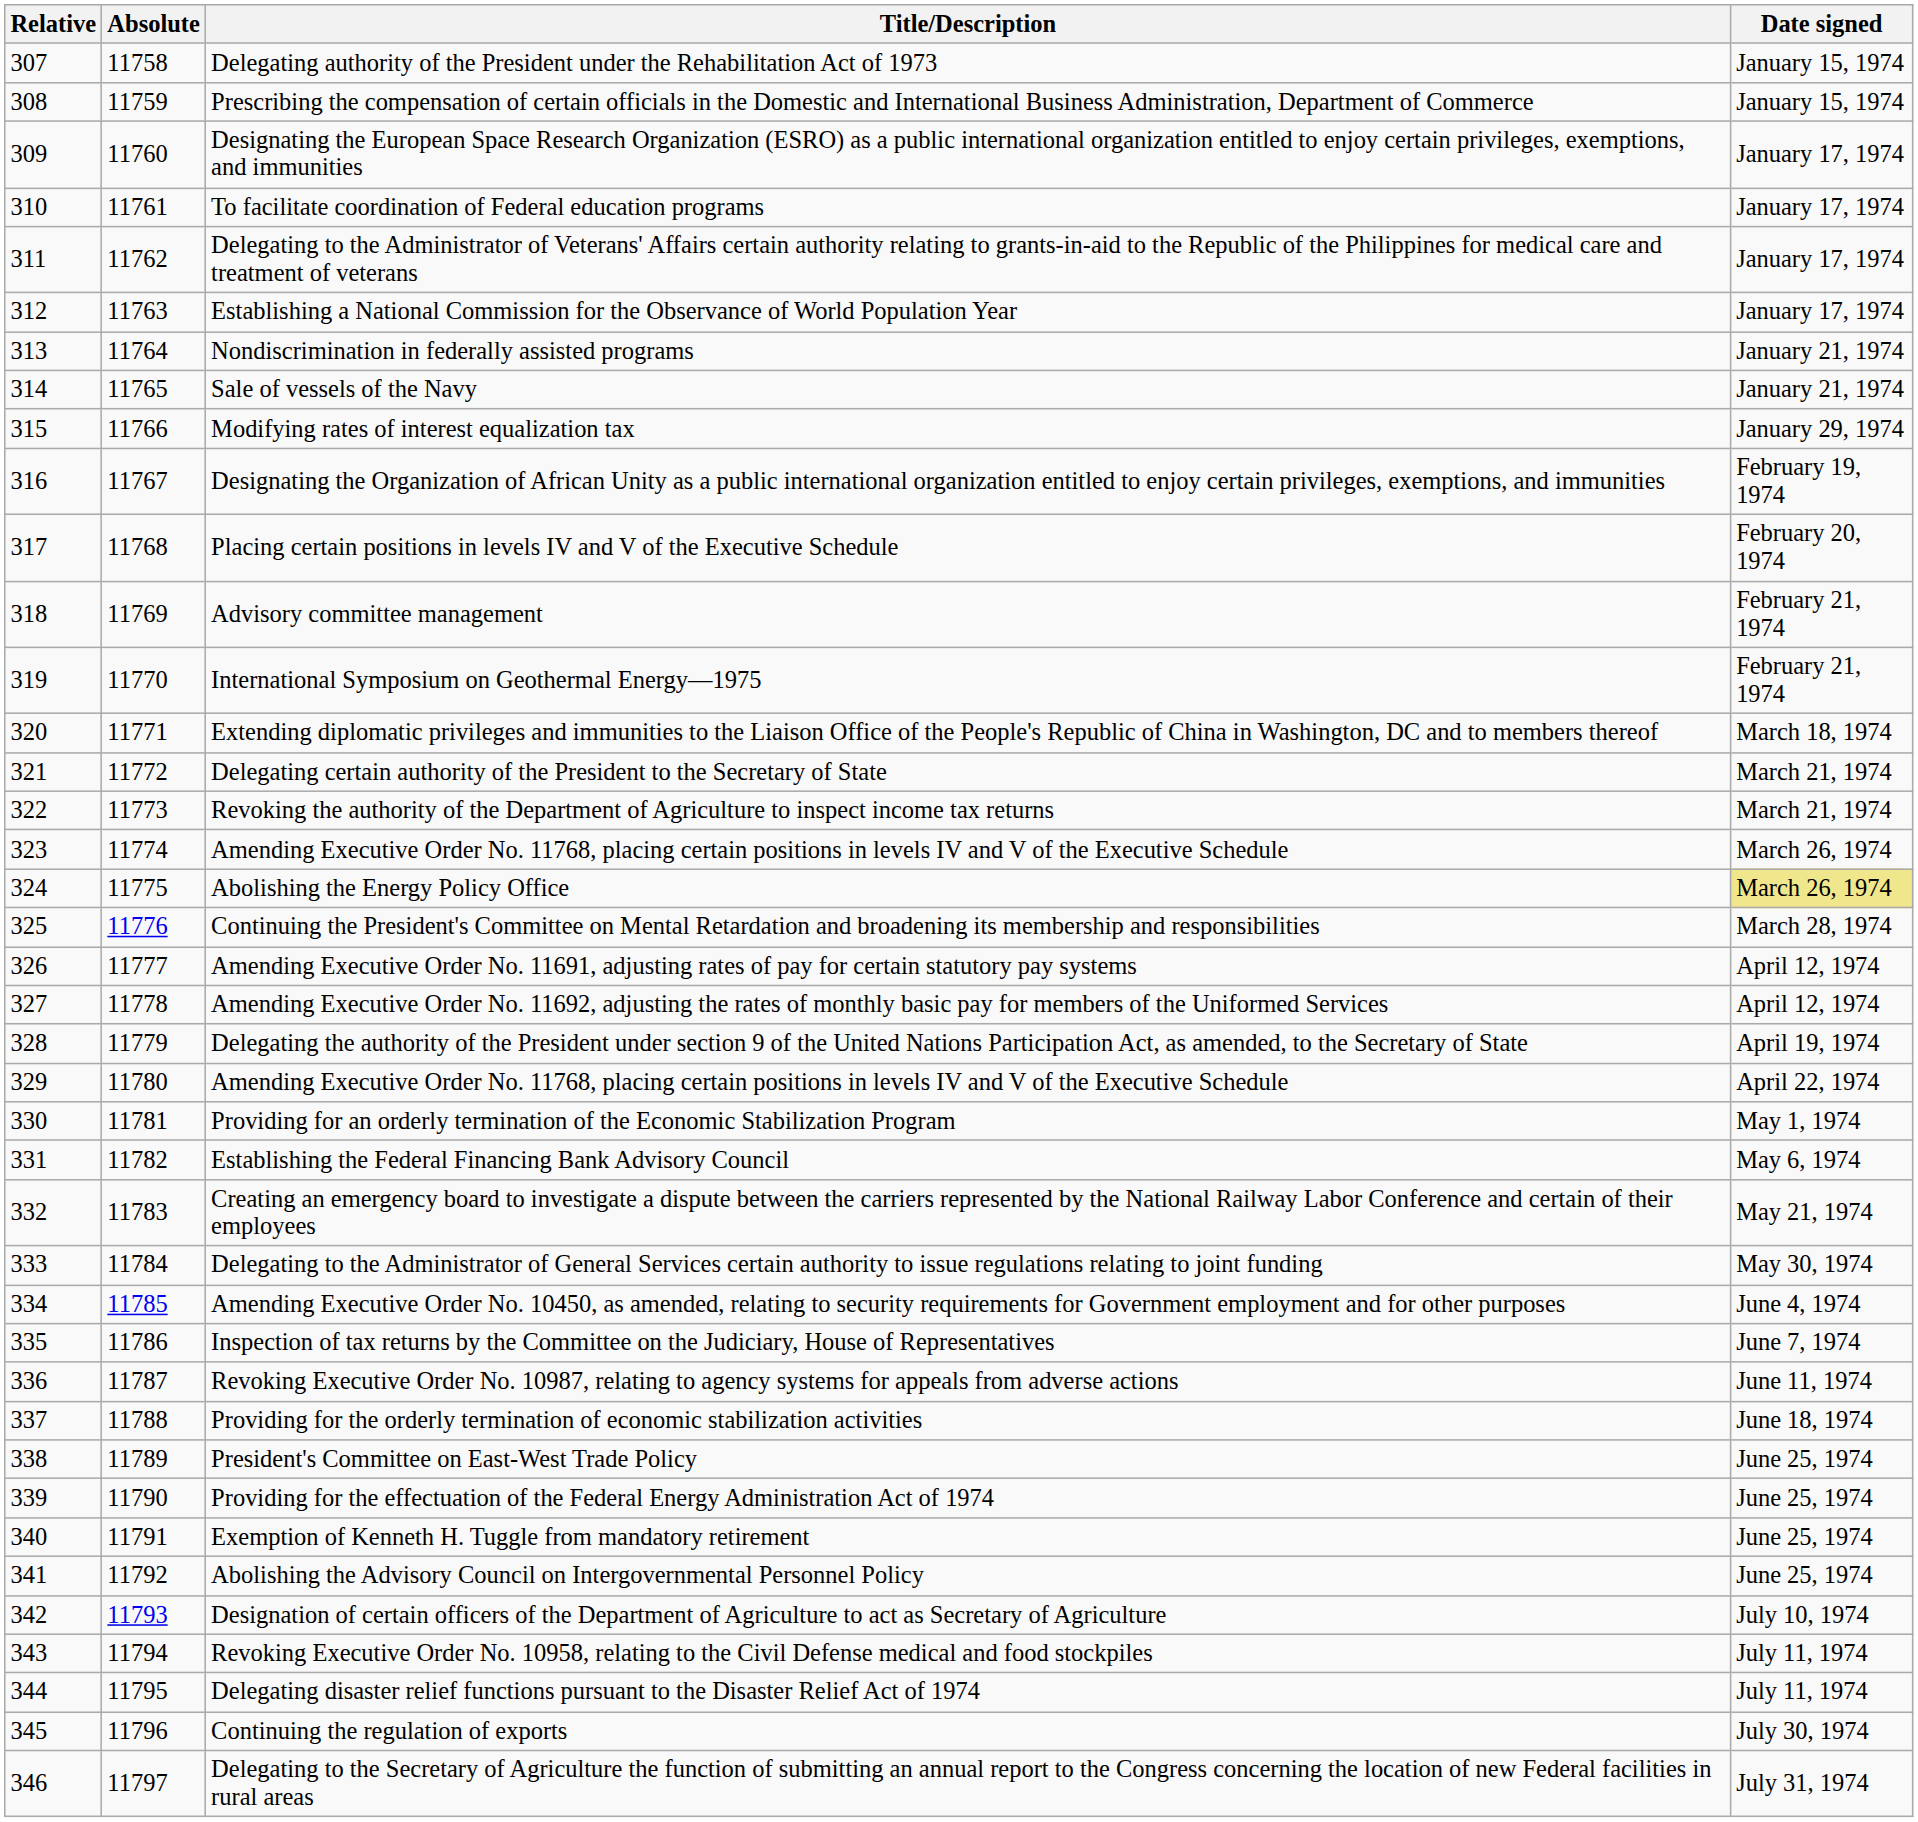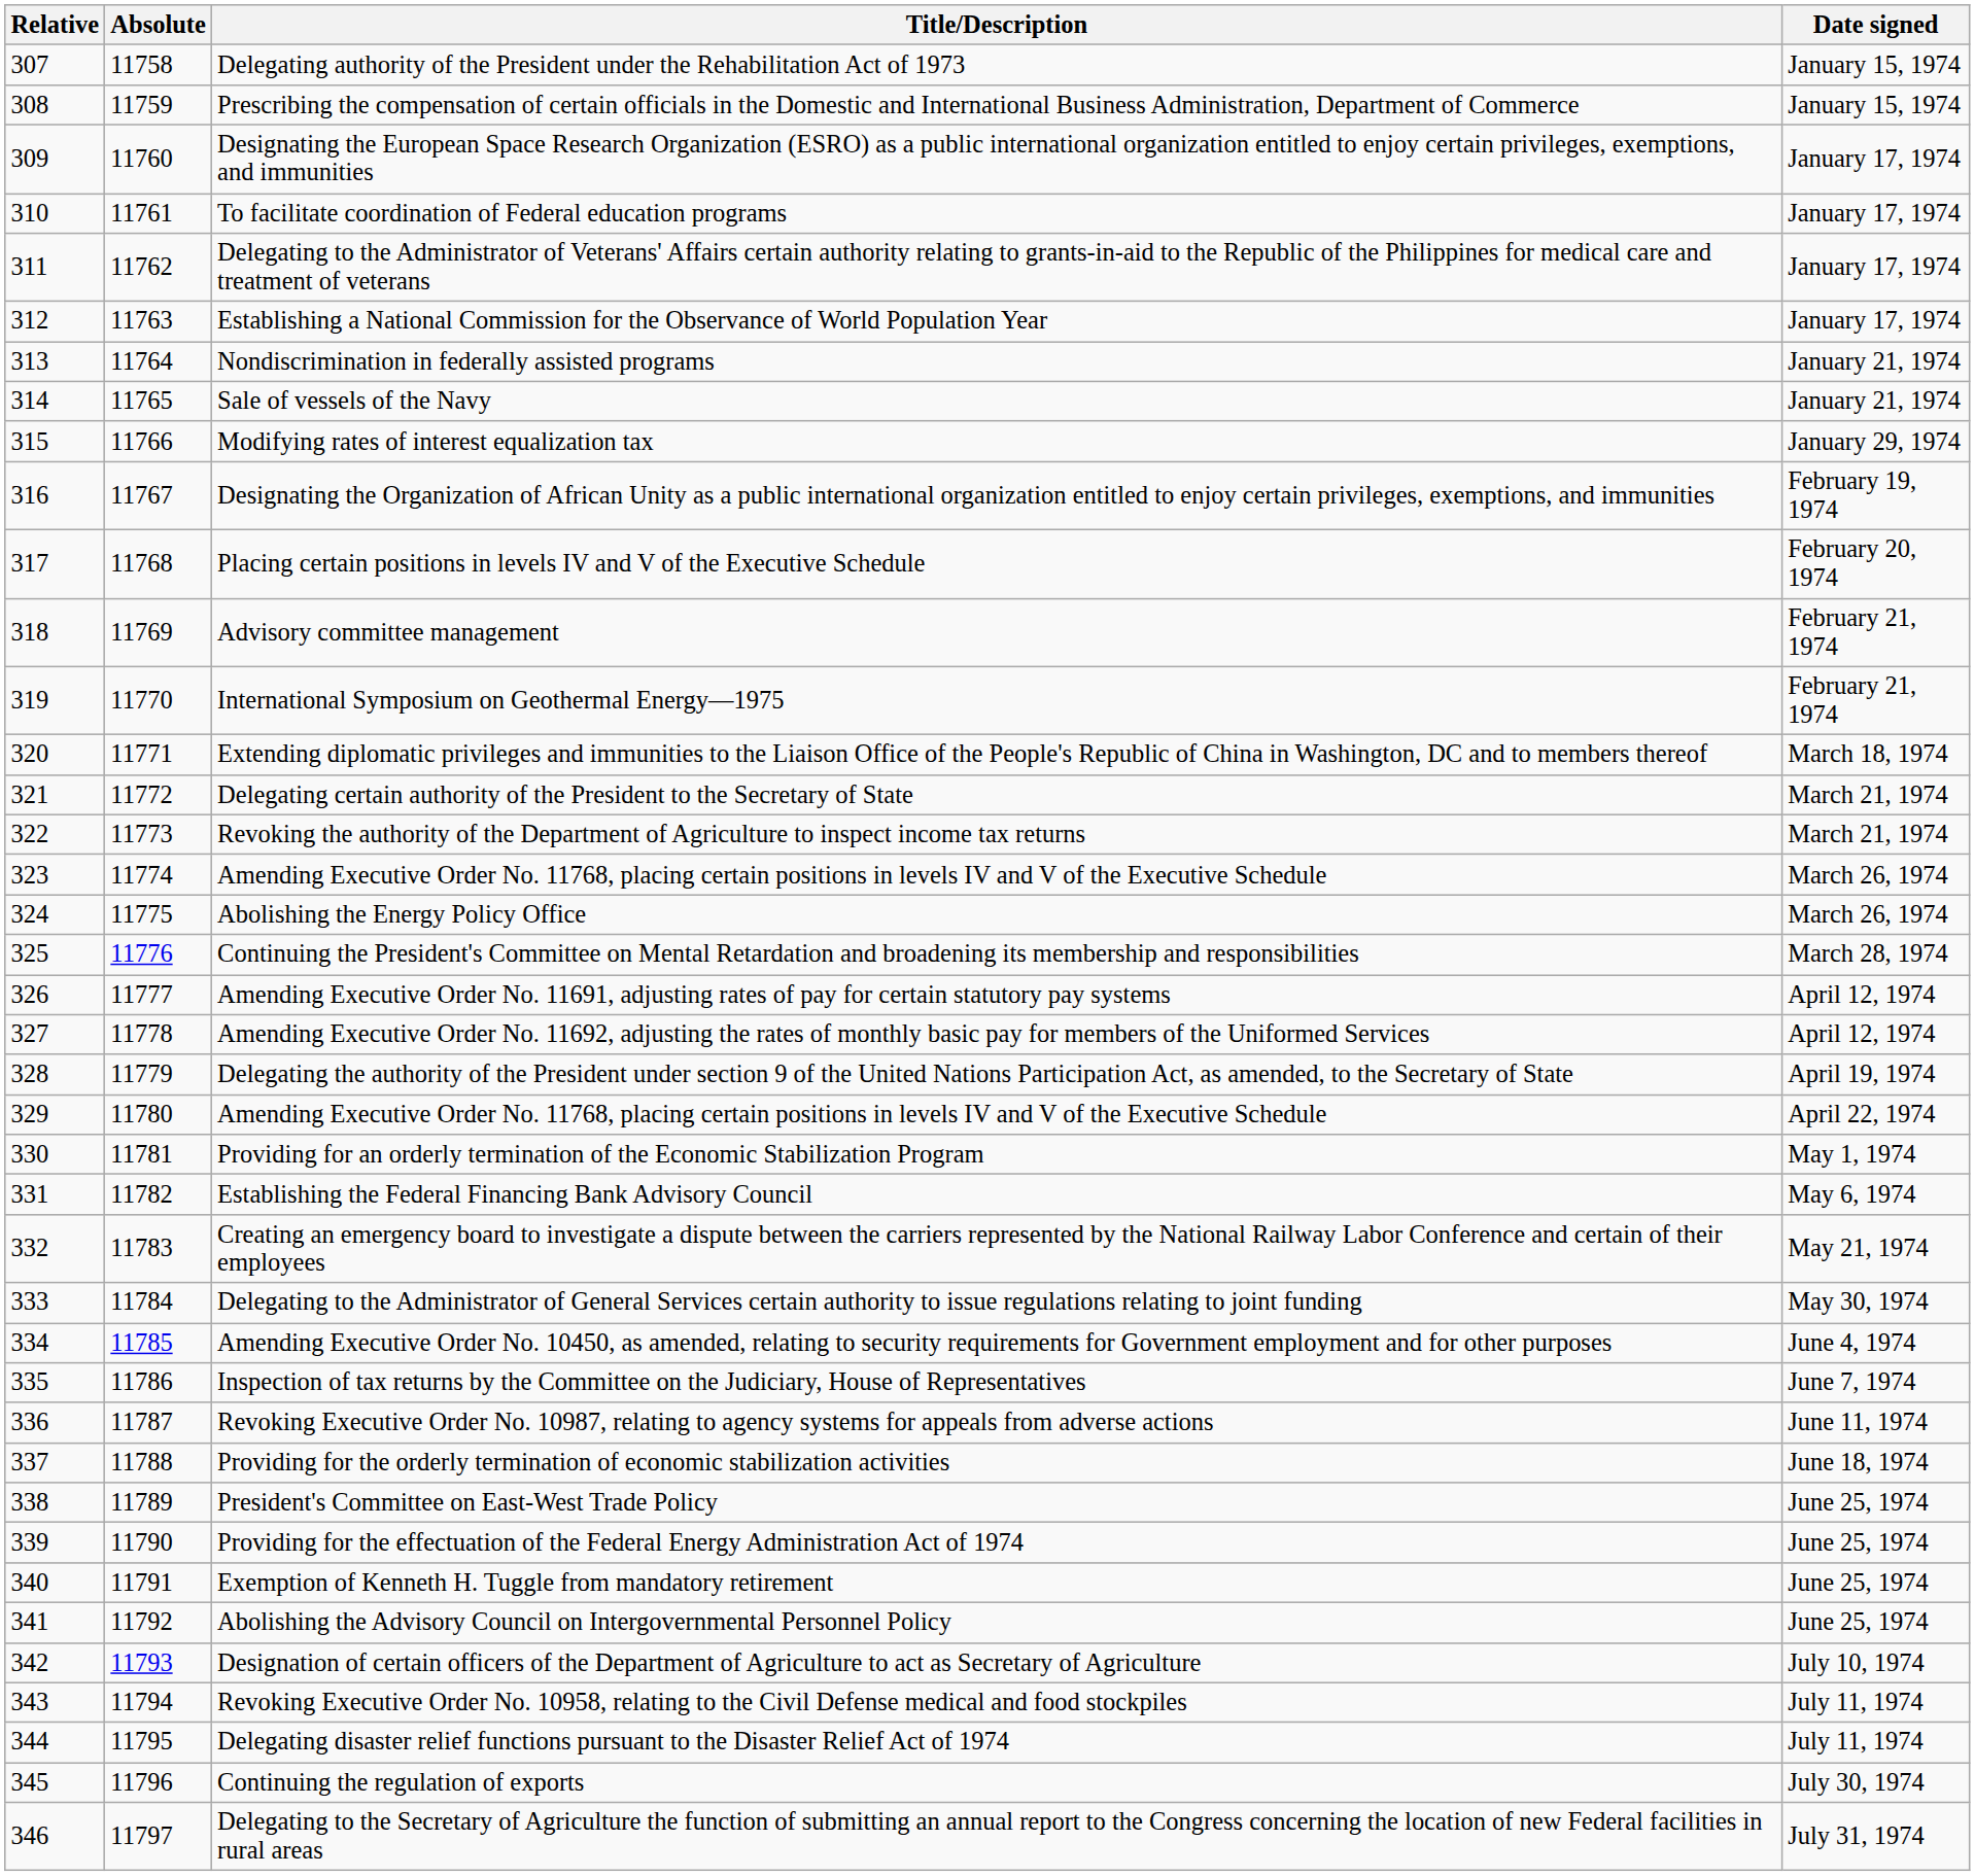 <table class="wikitable">
 <tr>
 <th>Relative </th>
 <th>Absolute </th>
 <th>Title/Description</th>
 <th>Date signed</th>
 </tr>
 <tr>
 <td>307</td>
 <td>11758</td>
 <td>Delegating authority of the President under the Rehabilitation Act of 1973</td>
 <td>January 15, 1974</td>
 </tr>
 <tr>
 <td>308</td>
 <td>11759</td>
 <td>Prescribing the compensation of certain officials in the Domestic and International Business Administration, Department of Commerce</td>
 <td>January 15, 1974</td>
 </tr>
 <tr>
 <td>309</td>
 <td>11760</td>
 <td>Designating the European Space Research Organization (ESRO) as a public international organization entitled to enjoy certain privileges, exemptions, and immunities</td>
 <td>January 17, 1974</td>
 </tr>
 <tr>
 <td>310</td>
 <td>11761</td>
 <td>To facilitate coordination of Federal education programs</td>
 <td>January 17, 1974</td>
 </tr>
 <tr>
 <td>311</td>
 <td>11762</td>
 <td>Delegating to the Administrator of Veterans' Affairs certain authority relating to grants-in-aid to the Republic of the Philippines for medical care and treatment of veterans</td>
 <td>January 17, 1974</td>
 </tr>
 <tr>
 <td>312</td>
 <td>11763</td>
 <td>Establishing a National Commission for the Observance of World Population Year</td>
 <td>January 17, 1974</td>
 </tr>
 <tr>
 <td>313</td>
 <td>11764</td>
 <td>Nondiscrimination in federally assisted programs</td>
 <td>January 21, 1974</td>
 </tr>
 <tr>
 <td>314</td>
 <td>11765</td>
 <td>Sale of vessels of the Navy</td>
 <td>January 21, 1974</td>
 </tr>
 <tr>
 <td>315</td>
 <td>11766</td>
 <td>Modifying rates of interest equalization tax</td>
 <td>January 29, 1974</td>
 </tr>
 <tr>
 <td>316</td>
 <td>11767</td>
 <td>Designating the Organization of African Unity as a public international organization entitled to enjoy certain privileges, exemptions, and immunities</td>
 <td>February 19, 1974</td>
 </tr>
 <tr>
 <td>317</td>
 <td>11768</td>
 <td>Placing certain positions in levels IV and V of the Executive Schedule</td>
 <td>February 20, 1974</td>
 </tr>
 <tr>
 <td>318</td>
 <td>11769</td>
 <td>Advisory committee management</td>
 <td>February 21, 1974</td>
 </tr>
 <tr>
 <td>319</td>
 <td>11770</td>
 <td>International Symposium on Geothermal Energy—1975</td>
 <td>February 21, 1974</td>
 </tr>
 <tr>
 <td>320</td>
 <td>11771</td>
 <td>Extending diplomatic privileges and immunities to the Liaison Office of the People's Republic of China in Washington, DC and to members thereof</td>
 <td>March 18, 1974</td>
 </tr>
 <tr>
 <td>321</td>
 <td>11772</td>
 <td>Delegating certain authority of the President to the Secretary of State</td>
 <td>March 21, 1974</td>
 </tr>
 <tr>
 <td>322</td>
 <td>11773</td>
 <td>Revoking the authority of the Department of Agriculture to inspect income tax returns</td>
 <td>March 21, 1974</td>
 </tr>
 <tr>
 <td>323</td>
 <td>11774</td>
 <td>Amending Executive Order No. 11768, placing certain positions in levels IV and V of the Executive Schedule</td>
 <td>March 26, 1974</td>
 </tr>
 <tr>
 <td>324</td>
 <td>11775</td>
 <td>Abolishing the Energy Policy Office</td>
-<td style="background: khaki;">March 26, 1974</td>
+<td>March 26, 1974</td>
 </tr>
 <tr>
 <td>325</td>
 <td><a href='#'>11776</a></td>
 <td>Continuing the President's Committee on Mental Retardation and broadening its membership and responsibilities</td>
 <td>March 28, 1974</td>
 </tr>
 <tr>
 <td>326</td>
 <td>11777</td>
 <td>Amending Executive Order No. 11691, adjusting rates of pay for certain statutory pay systems</td>
 <td>April 12, 1974</td>
 </tr>
 <tr>
 <td>327</td>
 <td>11778</td>
 <td>Amending Executive Order No. 11692, adjusting the rates of monthly basic pay for members of the Uniformed Services</td>
 <td>April 12, 1974</td>
 </tr>
 <tr>
 <td>328</td>
 <td>11779</td>
 <td>Delegating the authority of the President under section 9 of the United Nations Participation Act, as amended, to the Secretary of State</td>
 <td>April 19, 1974</td>
 </tr>
 <tr>
 <td>329</td>
 <td>11780</td>
 <td>Amending Executive Order No. 11768, placing certain positions in levels IV and V of the Executive Schedule</td>
 <td>April 22, 1974</td>
 </tr>
 <tr>
 <td>330</td>
 <td>11781</td>
 <td>Providing for an orderly termination of the Economic Stabilization Program</td>
 <td>May 1, 1974</td>
 </tr>
 <tr>
 <td>331</td>
 <td>11782</td>
 <td>Establishing the Federal Financing Bank Advisory Council</td>
 <td>May 6, 1974</td>
 </tr>
 <tr>
 <td>332</td>
 <td>11783</td>
 <td>Creating an emergency board to investigate a dispute between the carriers represented by the National Railway Labor Conference and certain of their employees</td>
 <td>May 21, 1974</td>
 </tr>
 <tr>
 <td>333</td>
 <td>11784</td>
 <td>Delegating to the Administrator of General Services certain authority to issue regulations relating to joint funding</td>
 <td>May 30, 1974</td>
 </tr>
 <tr>
 <td>334</td>
 <td><a href='#'>11785</a></td>
 <td>Amending Executive Order No. 10450, as amended, relating to security requirements for Government employment and for other purposes</td>
 <td>June 4, 1974</td>
 </tr>
 <tr>
 <td>335</td>
 <td>11786</td>
 <td>Inspection of tax returns by the Committee on the Judiciary, House of Representatives</td>
 <td>June 7, 1974</td>
 </tr>
 <tr>
 <td>336</td>
 <td>11787</td>
 <td>Revoking Executive Order No. 10987, relating to agency systems for appeals from adverse actions</td>
 <td>June 11, 1974</td>
 </tr>
 <tr>
 <td>337</td>
 <td>11788</td>
 <td>Providing for the orderly termination of economic stabilization activities</td>
 <td>June 18, 1974</td>
 </tr>
 <tr>
 <td>338</td>
 <td>11789</td>
 <td>President's Committee on East-West Trade Policy</td>
 <td>June 25, 1974</td>
 </tr>
 <tr>
 <td>339</td>
 <td>11790</td>
 <td>Providing for the effectuation of the Federal Energy Administration Act of 1974</td>
 <td>June 25, 1974</td>
 </tr>
 <tr>
 <td>340</td>
 <td>11791</td>
 <td>Exemption of Kenneth H. Tuggle from mandatory retirement</td>
 <td>June 25, 1974</td>
 </tr>
 <tr>
 <td>341</td>
 <td>11792</td>
 <td>Abolishing the Advisory Council on Intergovernmental Personnel Policy</td>
 <td>June 25, 1974</td>
 </tr>
 <tr>
 <td>342</td>
 <td><a href='#'>11793</a></td>
 <td>Designation of certain officers of the Department of Agriculture to act as Secretary of Agriculture</td>
 <td>July 10, 1974</td>
 </tr>
 <tr>
 <td>343</td>
 <td>11794</td>
 <td>Revoking Executive Order No. 10958, relating to the Civil Defense medical and food stockpiles</td>
 <td>July 11, 1974</td>
 </tr>
 <tr>
 <td>344</td>
 <td>11795</td>
 <td>Delegating disaster relief functions pursuant to the Disaster Relief Act of 1974</td>
 <td>July 11, 1974</td>
 </tr>
 <tr>
 <td>345</td>
 <td>11796</td>
 <td>Continuing the regulation of exports</td>
 <td>July 30, 1974</td>
 </tr>
 <tr>
 <td>346</td>
 <td>11797</td>
 <td>Delegating to the Secretary of Agriculture the function of submitting an annual report to the Congress concerning the location of new Federal facilities in rural areas</td>
 <td>July 31, 1974</td>
 </tr>
 </table>
